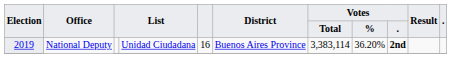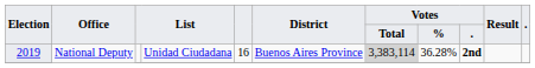 <table class="wikitable" style="font-size:90%; text-align:center;">
 <tr>
 <th style="background-color:#EAECF0;" rowspan=2>Election</th>
 <th style="background-color:#EAECF0;" rowspan=2>Office</th>
 <th style="background-color:#EAECF0;" colspan=2 rowspan=2>List</th>
 <th style="background-color:#EAECF0;" rowspan=2></th>
 <th style="background-color:#EAECF0;" rowspan=2>District</th>
 <th style="background-color:#EAECF0;" colspan=3>Votes</th>
 <th style="background-color:#EAECF0;" rowspan=2>Result</th>
 <th style="background-color:#EAECF0;" rowspan=2>.</th>
 </tr>
 <tr>
 <th style="background-color:#EAECF0;">Total</th>
 <th style="background-color:#EAECF0;">%</th>
 <th style="background-color:#EAECF0;">.</th>
 </tr>
 <tr>
 <td style="background-color:#EAECF0;"><a href='#'>2019</a></td>
 <td rowspan=2><a href='#'>National Deputy</a></td>
 <td style="background-color:"></td>
 <td><a href='#'>Unidad Ciudadana</a></td>
 <td>16</td>
 <td><a href='#'>Buenos Aires Province</a></td>
-<td>3,383,114</td>
-<td>36.20%</td>
+<td style="background: lightgrey;">3,383,114</td>
+<td>36.28%</td>
 <td><strong>2nd</strong></td>
 <td></td>
 <td></td>
 </tr>
 <tr>
 </tr>
 </table>
